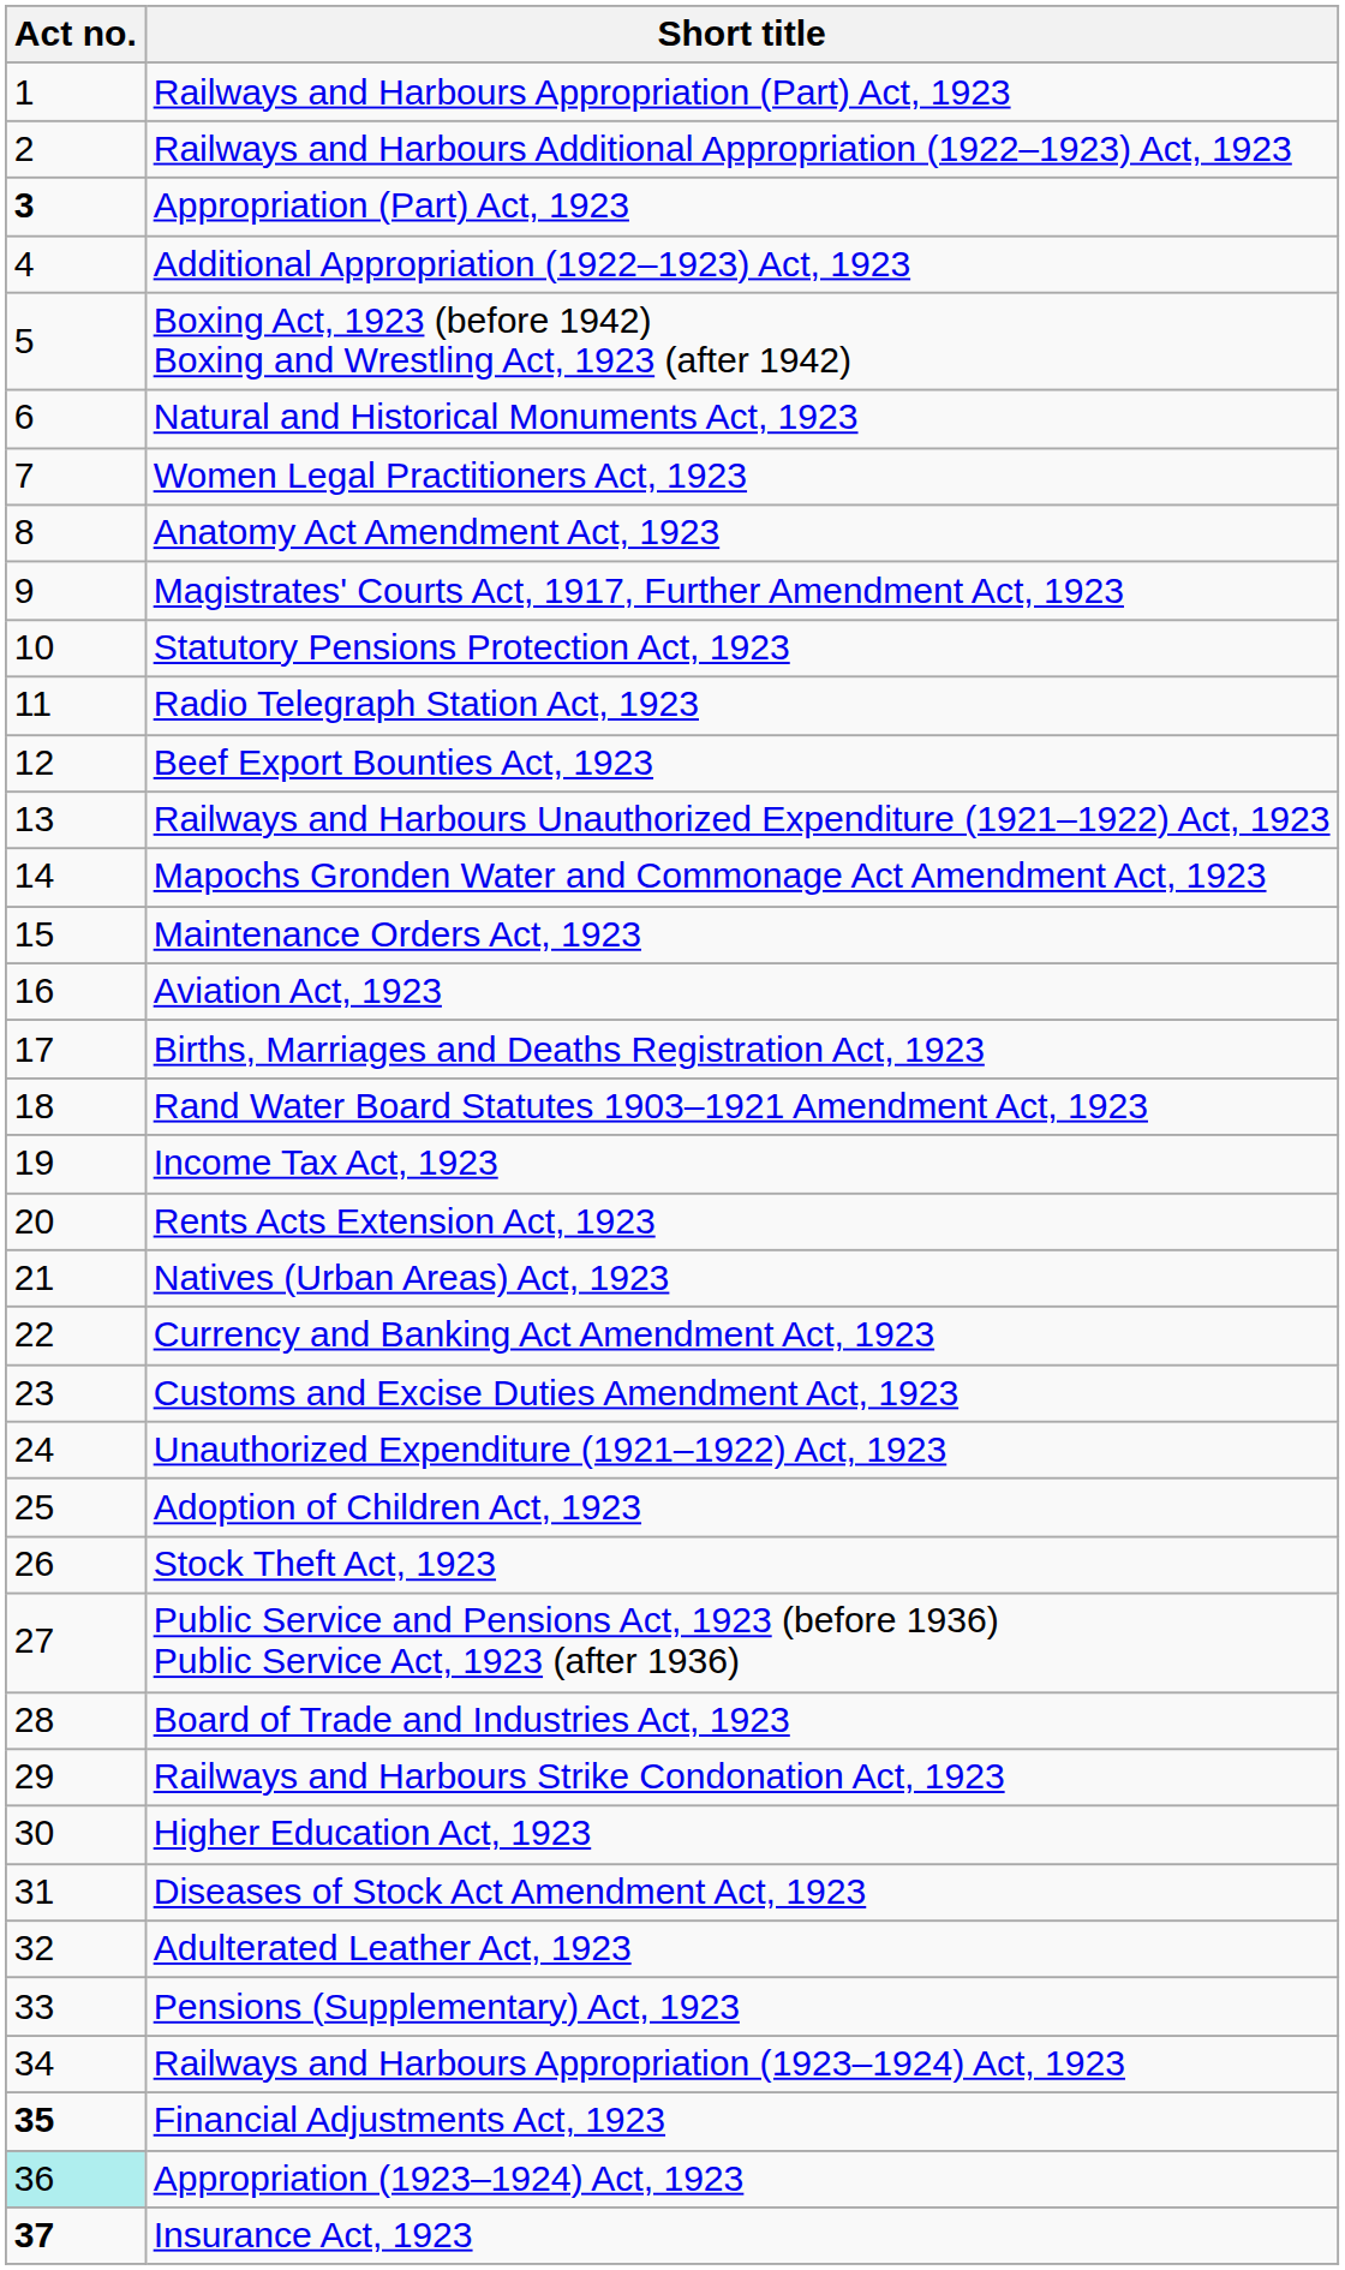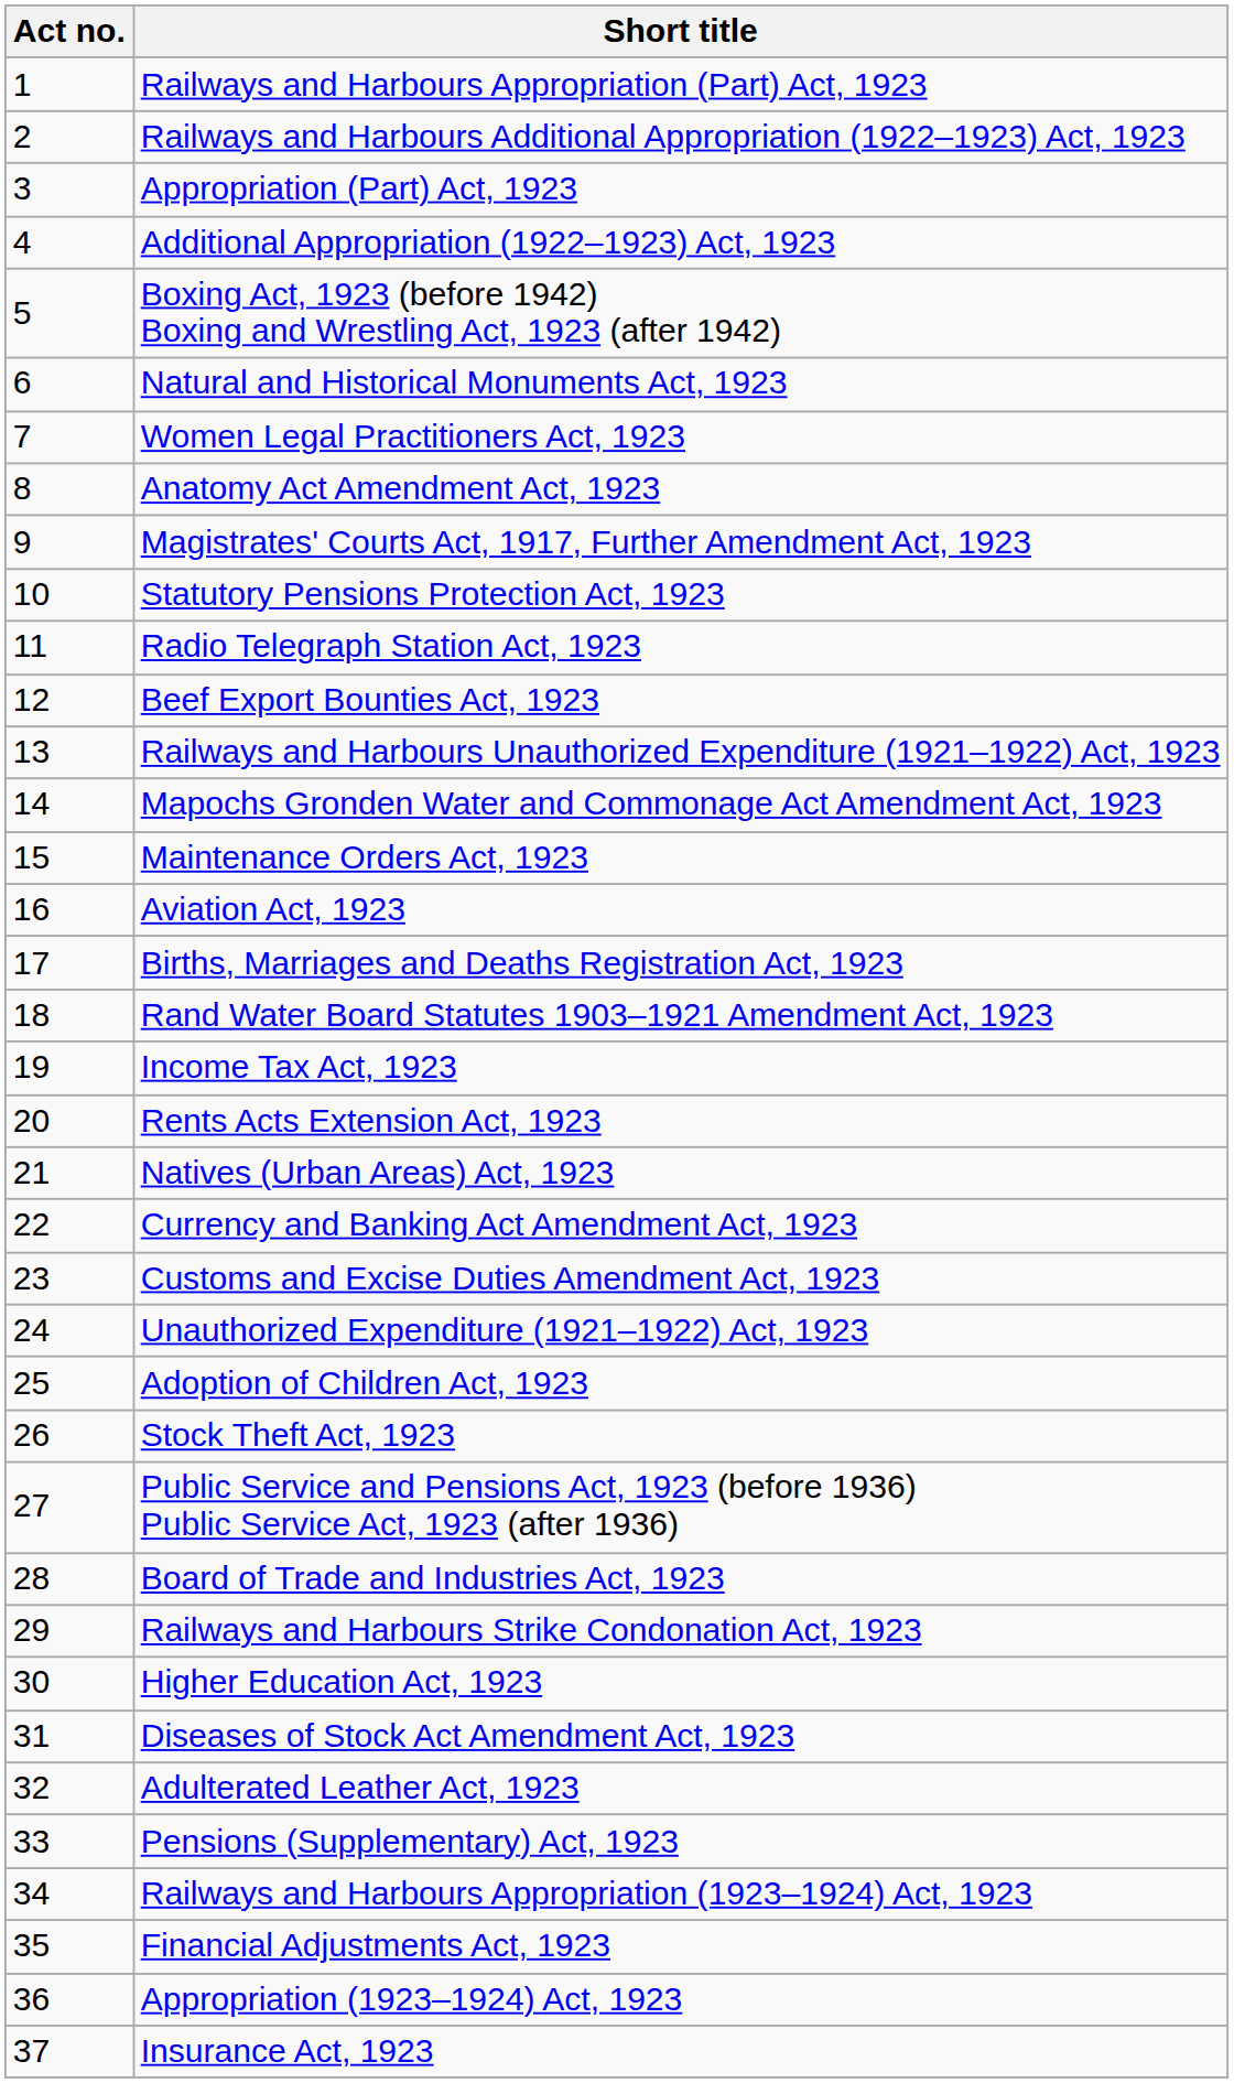 <table class="wikitable sortable">
 <tr>
 <th>Act no.</th>
 <th>Short title</th>
 </tr>
 <tr>
 <td>1</td>
 <td><a href='#'>Railways and Harbours Appropriation (Part) Act, 1923</a></td>
 </tr>
 <tr>
 <td>2</td>
 <td><a href='#'>Railways and Harbours Additional Appropriation (1922–1923) Act, 1923</a></td>
 </tr>
 <tr>
-<td><strong>3</strong></td>
+<td>3</td>
 <td><a href='#'>Appropriation (Part) Act, 1923</a></td>
 </tr>
 <tr>
 <td>4</td>
 <td><a href='#'>Additional Appropriation (1922–1923) Act, 1923</a></td>
 </tr>
 <tr>
 <td>5</td>
 <td><a href='#'>Boxing Act, 1923</a> (before 1942)<br><a href='#'>Boxing and Wrestling Act, 1923</a> (after 1942)</td>
 </tr>
 <tr>
 <td>6</td>
 <td><a href='#'>Natural and Historical Monuments Act, 1923</a></td>
 </tr>
 <tr>
 <td>7</td>
 <td><a href='#'>Women Legal Practitioners Act, 1923</a></td>
 </tr>
 <tr>
 <td>8</td>
 <td><a href='#'>Anatomy Act Amendment Act, 1923</a></td>
 </tr>
 <tr>
 <td>9</td>
 <td><a href='#'>Magistrates' Courts Act, 1917, Further Amendment Act, 1923</a></td>
 </tr>
 <tr>
 <td>10</td>
 <td><a href='#'>Statutory Pensions Protection Act, 1923</a></td>
 </tr>
 <tr>
 <td>11</td>
 <td><a href='#'>Radio Telegraph Station Act, 1923</a></td>
 </tr>
 <tr>
 <td>12</td>
 <td><a href='#'>Beef Export Bounties Act, 1923</a></td>
 </tr>
 <tr>
 <td>13</td>
 <td><a href='#'>Railways and Harbours Unauthorized Expenditure (1921–1922) Act, 1923</a></td>
 </tr>
 <tr>
 <td>14</td>
 <td><a href='#'>Mapochs Gronden Water and Commonage Act Amendment Act, 1923</a></td>
 </tr>
 <tr>
 <td>15</td>
 <td><a href='#'>Maintenance Orders Act, 1923</a></td>
 </tr>
 <tr>
 <td>16</td>
 <td><a href='#'>Aviation Act, 1923</a></td>
 </tr>
 <tr>
 <td>17</td>
 <td><a href='#'>Births, Marriages and Deaths Registration Act, 1923</a></td>
 </tr>
 <tr>
 <td>18</td>
 <td><a href='#'>Rand Water Board Statutes 1903–1921 Amendment Act, 1923</a></td>
 </tr>
 <tr>
 <td>19</td>
 <td><a href='#'>Income Tax Act, 1923</a></td>
 </tr>
 <tr>
 <td>20</td>
 <td><a href='#'>Rents Acts Extension Act, 1923</a></td>
 </tr>
 <tr>
 <td>21</td>
 <td><a href='#'>Natives (Urban Areas) Act, 1923</a></td>
 </tr>
 <tr>
 <td>22</td>
 <td><a href='#'>Currency and Banking Act Amendment Act, 1923</a></td>
 </tr>
 <tr>
 <td>23</td>
 <td><a href='#'>Customs and Excise Duties Amendment Act, 1923</a></td>
 </tr>
 <tr>
 <td>24</td>
 <td><a href='#'>Unauthorized Expenditure (1921–1922) Act, 1923</a></td>
 </tr>
 <tr>
 <td>25</td>
 <td><a href='#'>Adoption of Children Act, 1923</a></td>
 </tr>
 <tr>
 <td>26</td>
 <td><a href='#'>Stock Theft Act, 1923</a></td>
 </tr>
 <tr>
 <td>27</td>
 <td><a href='#'>Public Service and Pensions Act, 1923</a> (before 1936) <br><a href='#'>Public Service Act, 1923</a> (after 1936)</td>
 </tr>
 <tr>
 <td>28</td>
 <td><a href='#'>Board of Trade and Industries Act, 1923</a></td>
 </tr>
 <tr>
 <td>29</td>
 <td><a href='#'>Railways and Harbours Strike Condonation Act, 1923</a></td>
 </tr>
 <tr>
 <td>30</td>
 <td><a href='#'>Higher Education Act, 1923</a></td>
 </tr>
 <tr>
 <td>31</td>
 <td><a href='#'>Diseases of Stock Act Amendment Act, 1923</a></td>
 </tr>
 <tr>
 <td>32</td>
 <td><a href='#'>Adulterated Leather Act, 1923</a></td>
 </tr>
 <tr>
 <td>33</td>
 <td><a href='#'>Pensions (Supplementary) Act, 1923</a></td>
 </tr>
 <tr>
 <td>34</td>
 <td><a href='#'>Railways and Harbours Appropriation (1923–1924) Act, 1923</a></td>
 </tr>
 <tr>
-<td><strong>35</strong></td>
+<td>35</td>
 <td><a href='#'>Financial Adjustments Act, 1923</a></td>
 </tr>
 <tr>
-<td style="background: paleturquoise;">36</td>
+<td>36</td>
 <td><a href='#'>Appropriation (1923–1924) Act, 1923</a></td>
 </tr>
 <tr>
-<td><strong>37</strong></td>
+<td>37</td>
 <td><a href='#'>Insurance Act, 1923</a></td>
 </tr>
 </table>
